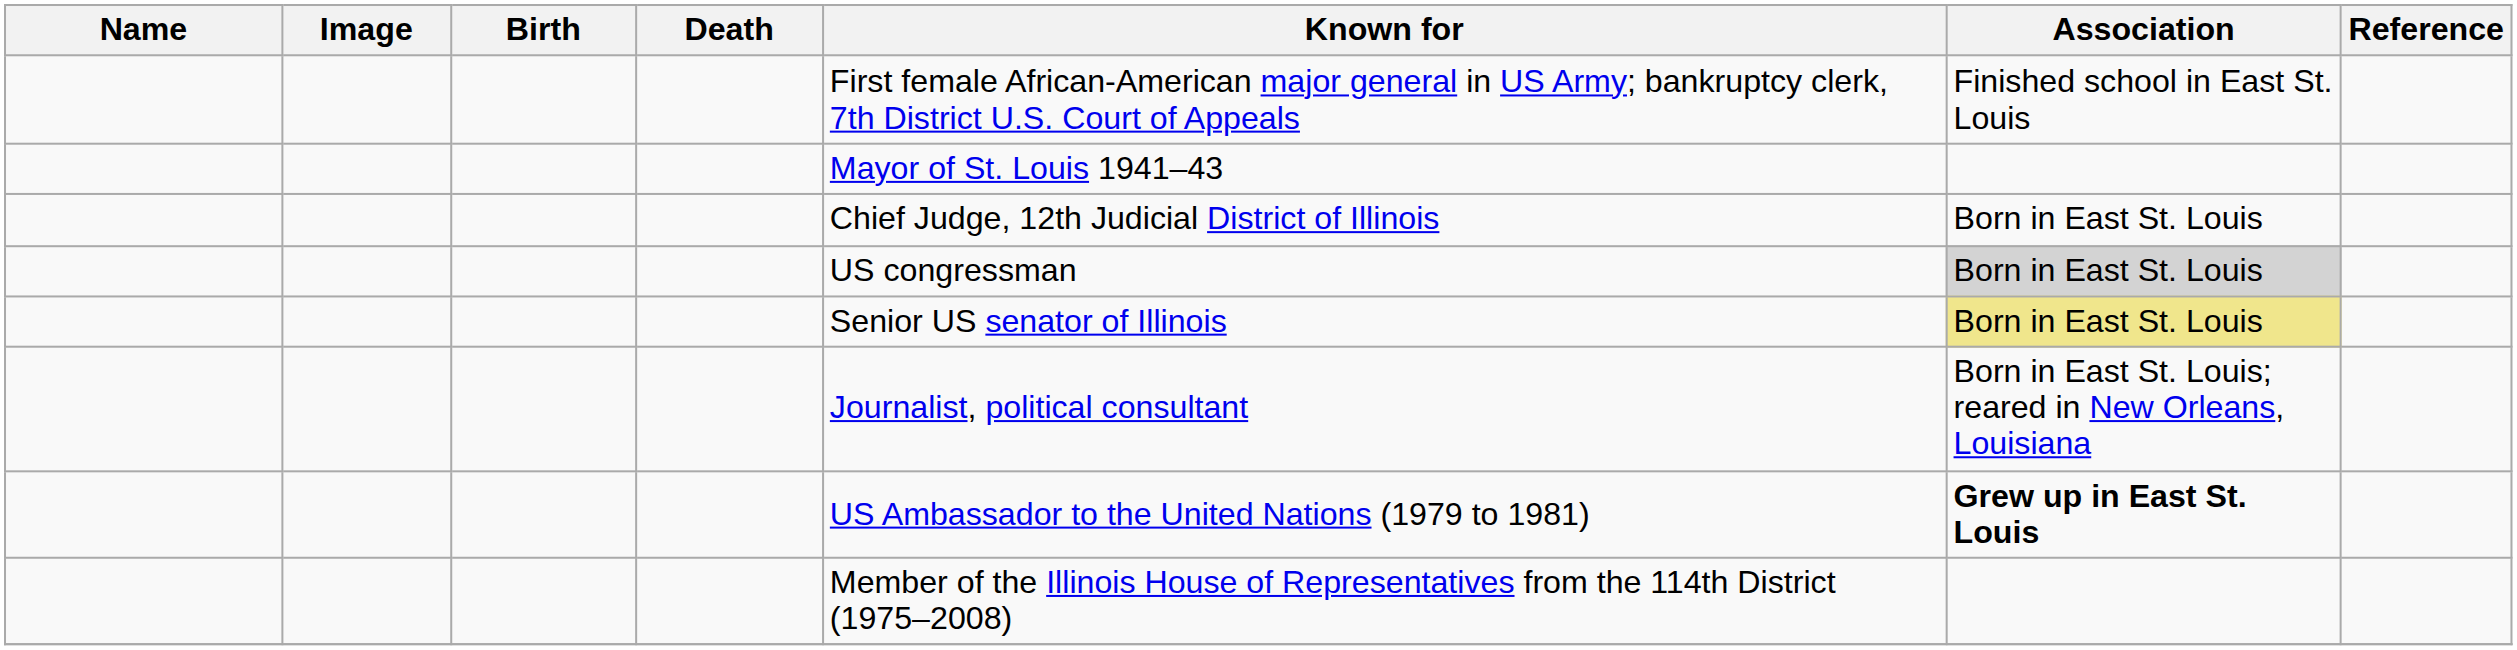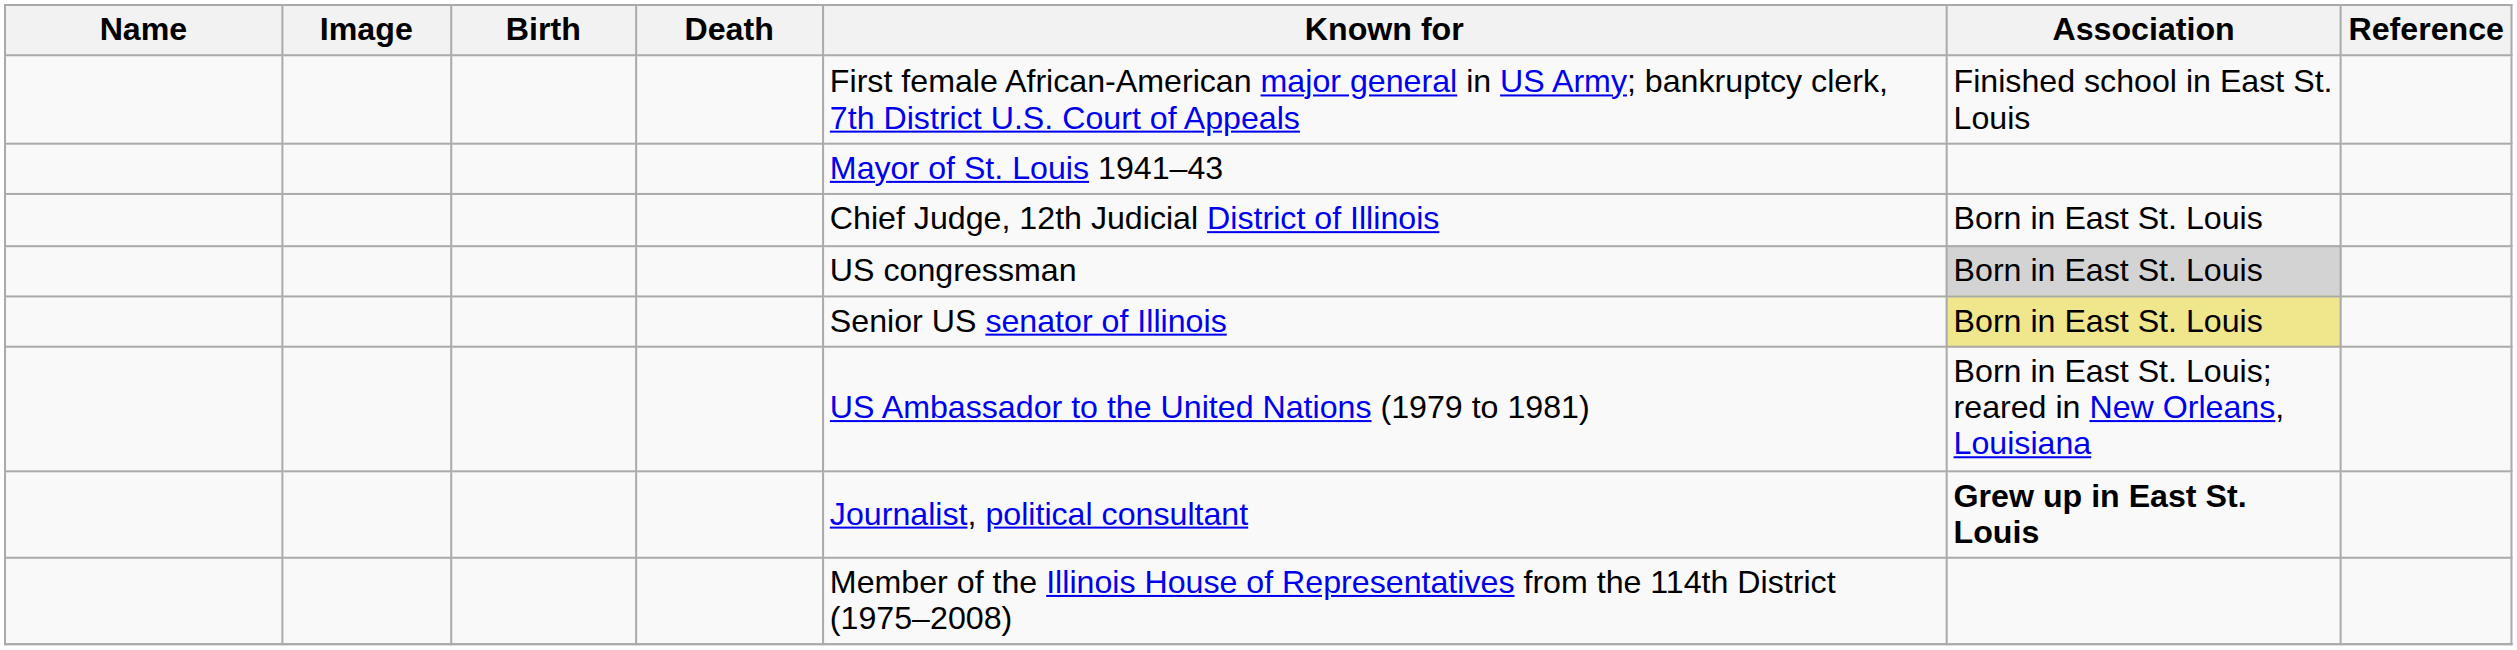 <table class="wikitable sortable">
 <tr>
 <th scope="col" width="140">Name</th>
 <th scope="col" width="80" class="unsortable">Image</th>
 <th scope="col" width="90">Birth</th>
 <th scope="col" width="90">Death</th>
 <th scope="col" width="600" class="unsortable">Known for</th>
 <th scope="col" width="200" class="unsortable">Association</th>
 <th scope="col" width="30" class="unsortable">Reference</th>
 </tr>
 <tr>
 <td></td>
 <td></td>
 <td align=right></td>
 <td align=right></td>
 <td>First female African-American <a href='#'>major general</a> in <a href='#'>US Army</a>; bankruptcy clerk, <a href='#'>7th District U.S. Court of Appeals</a></td>
 <td>Finished school in East St. Louis</td>
 <td align="center"></td>
 </tr>
 <tr>
 <td></td>
 <td></td>
 <td align=right></td>
 <td align=right></td>
 <td><a href='#'>Mayor of St. Louis</a> 1941–43</td>
 <td></td>
 <td align="center"></td>
 </tr>
 <tr>
 <td></td>
 <td></td>
 <td align=right></td>
 <td align=right></td>
 <td>Chief Judge, 12th Judicial <a href='#'>District of Illinois</a></td>
 <td>Born in East St. Louis</td>
 <td align="center"></td>
 </tr>
 <tr>
 <td></td>
 <td></td>
 <td align=right></td>
 <td align=right></td>
 <td>US congressman</td>
 <td style="background: lightgrey;">Born in East St. Louis</td>
 <td align="center"></td>
 </tr>
 <tr>
 <td></td>
 <td></td>
 <td align=right></td>
 <td align=right></td>
 <td>Senior US <a href='#'>senator of Illinois</a></td>
 <td style="background: khaki;">Born in East St. Louis</td>
 <td align="center"></td>
 </tr>
 <tr>
 <td></td>
 <td></td>
 <td align-right></td>
 <td align_right></td>
-<td><a href='#'>Journalist</a>, <a href='#'>political consultant</a></td>
+<td><a href='#'>US Ambassador to the United Nations</a> (1979 to 1981)</td>
 <td>Born in East St. Louis; reared in <a href='#'>New Orleans</a>, <a href='#'>Louisiana</a></td>
 <td align="center"></td>
 </tr>
 <tr>
 <td></td>
 <td></td>
 <td align=right></td>
 <td align=right></td>
-<td><a href='#'>US Ambassador to the United Nations</a> (1979 to 1981)</td>
+<td><a href='#'>Journalist</a>, <a href='#'>political consultant</a></td>
 <td><strong>Grew up in East St. Louis</strong></td>
 <td align="center"></td>
 </tr>
 <tr>
 <td></td>
 <td></td>
 <td align=right></td>
 <td align=right></td>
 <td>Member of the <a href='#'>Illinois House of Representatives</a> from the 114th District (1975–2008)</td>
 <td></td>
 <td align="center"></td>
 </tr>
 <tr>
 </tr>
 </table>
